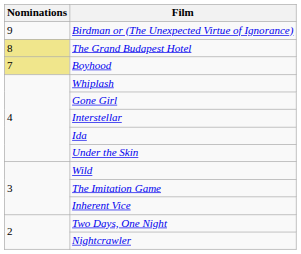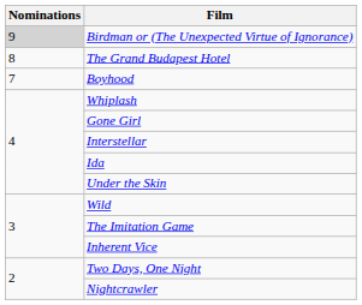 <table class="wikitable">
 <tr>
 <th>Nominations</th>
 <th>Film</th>
 </tr>
 <tr>
-<td>9</td>
+<td style="background: lightgrey;">9</td>
 <td><em><a href='#'>Birdman or (The Unexpected Virtue of Ignorance)</a></em></td>
 </tr>
 <tr>
-<td style="background: khaki;">8</td>
+<td>8</td>
 <td><em><a href='#'>The Grand Budapest Hotel</a></em></td>
 </tr>
 <tr>
-<td style="background: khaki;">7</td>
+<td>7</td>
 <td><em><a href='#'>Boyhood</a></em></td>
 </tr>
 <tr>
 <td rowspan="5">4</td>
 <td><em><a href='#'>Whiplash</a></em></td>
 </tr>
 <tr>
 <td><em><a href='#'>Gone Girl</a></em></td>
 </tr>
 <tr>
 <td><em><a href='#'>Interstellar</a></em></td>
 </tr>
 <tr>
 <td><em><a href='#'>Ida</a></em></td>
 </tr>
 <tr>
 <td><em><a href='#'>Under the Skin</a></em></td>
 </tr>
 <tr>
 <td rowspan="3">3</td>
 <td><em><a href='#'>Wild</a></em></td>
 </tr>
 <tr>
 <td><em><a href='#'>The Imitation Game</a></em></td>
 </tr>
 <tr>
 <td><em><a href='#'>Inherent Vice</a></em></td>
 </tr>
 <tr>
 <td rowspan="2">2</td>
 <td><em><a href='#'>Two Days, One Night</a></em></td>
 </tr>
 <tr>
 <td><em><a href='#'>Nightcrawler</a></em></td>
 </tr>
 </table>
